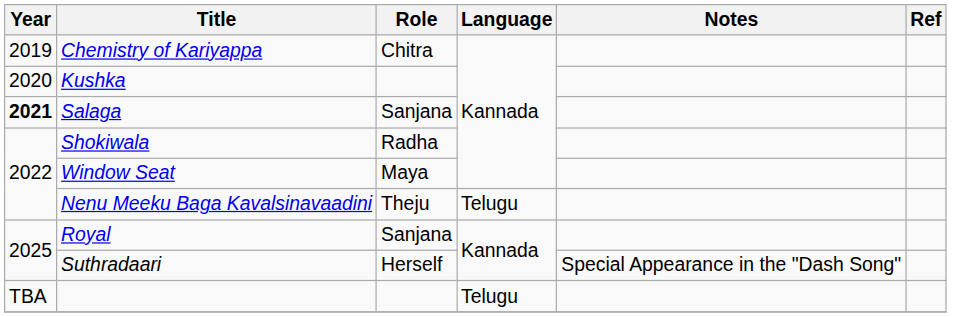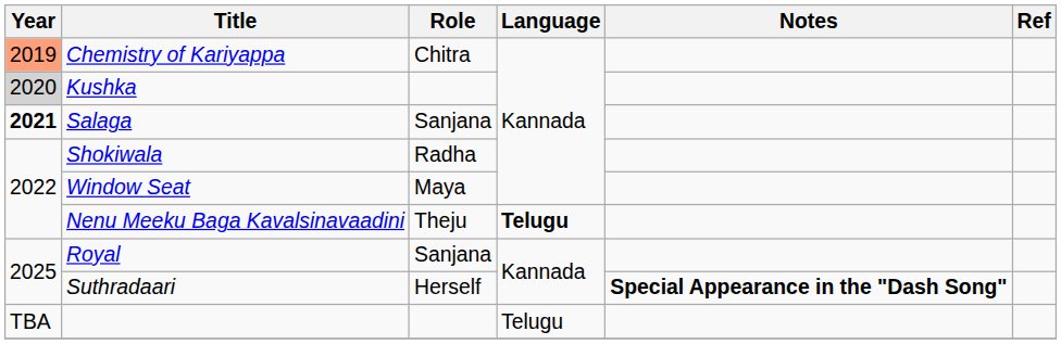 <table class="wikitable sortable">
 <tr>
 <th>Year</th>
 <th>Title</th>
 <th>Role</th>
 <th>Language</th>
 <th>Notes</th>
 <th>Ref</th>
 </tr>
 <tr>
-<td>2019</td>
+<td style="background: lightsalmon;">2019</td>
 <td><em><a href='#'>Chemistry of Kariyappa</a></em></td>
 <td>Chitra</td>
 <td rowspan="5">Kannada</td>
 <td></td>
 <td></td>
 </tr>
 <tr>
-<td>2020</td>
+<td style="background: lightgrey;">2020</td>
 <td><em><a href='#'>Kushka</a></em></td>
 <td></td>
 <td></td>
 <td></td>
 </tr>
 <tr>
 <td><strong>2021</strong></td>
 <td><em><a href='#'>Salaga</a></em></td>
 <td>Sanjana</td>
 <td></td>
 <td></td>
 </tr>
 <tr>
 <td rowspan="3">2022</td>
 <td><em><a href='#'>Shokiwala</a></em></td>
 <td>Radha</td>
 <td></td>
 <td></td>
 </tr>
 <tr>
 <td><em><a href='#'>Window Seat</a></em></td>
 <td>Maya</td>
 <td></td>
 <td></td>
 </tr>
 <tr>
 <td><em><a href='#'>Nenu Meeku Baga Kavalsinavaadini</a></em></td>
 <td>Theju</td>
-<td>Telugu</td>
+<td><strong>Telugu</strong></td>
 <td></td>
 <td></td>
 </tr>
 <tr>
 <td rowspan="2">2025</td>
 <td><em><a href='#'>Royal</a></em></td>
 <td>Sanjana</td>
 <td rowspan="2">Kannada</td>
 <td></td>
 <td></td>
 </tr>
 <tr>
 <td><em>Suthradaari</em></td>
 <td>Herself</td>
-<td>Special Appearance in the "Dash Song"</td>
+<td><strong>Special Appearance in the "Dash Song"</strong></td>
 <td></td>
 </tr>
 <tr>
 <td>TBA</td>
 <td><em></em></td>
 <td></td>
 <td>Telugu</td>
 <td></td>
 <td></td>
 </tr>
 <tr>
 </tr>
 </table>
